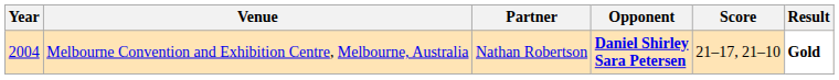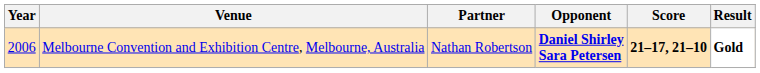 <table class="sortable wikitable" style="font-size: 90%;">
 <tr>
 <th>Year</th>
 <th>Venue</th>
 <th>Partner</th>
 <th>Opponent</th>
 <th>Score</th>
 <th>Result</th>
 </tr>
 <tr style="background:#FFE4B5">
-<td align="center"><a href='#'>2004</a></td>
+<td align="center"><a href='#'>2006</a></td>
 <td align="left"><a href='#'>Melbourne Convention and Exhibition Centre</a>, <a href='#'>Melbourne, Australia</a></td>
 <td align="left"> <a href='#'>Nathan Robertson</a></td>
 <td align="left"><strong> <a href='#'>Daniel Shirley</a> <br>  <a href='#'>Sara Petersen</a></strong></td>
-<td align="left">21–17, 21–10</td>
+<td align="left"><strong>21–17, 21–10</strong></td>
 <td style="text-align:left; background:white"> <strong>Gold</strong></td>
 </tr>
 </table>
